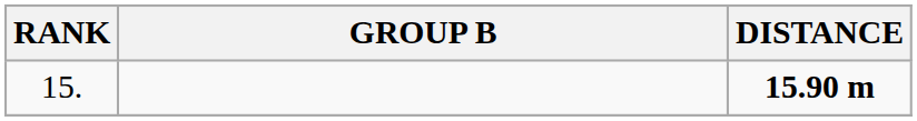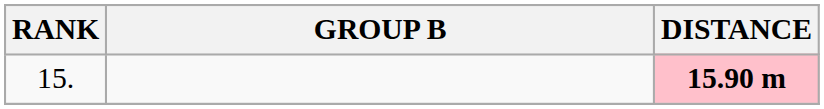 <table class="wikitable" style="border-collapse: collapse; font-size: 90%;">
 <tr>
 <th>RANK</th>
 <th align="center" style="width: 18em">GROUP B</th>
 <th>DISTANCE</th>
 </tr>
 <tr>
 <td align="center">15.</td>
 <td></td>
-<td align="center"><strong>15.90 m</strong></td>
+<td align="center" style="background: pink;"><strong>15.90 m</strong></td>
 </tr>
 <tr>
 </tr>
 </table>
